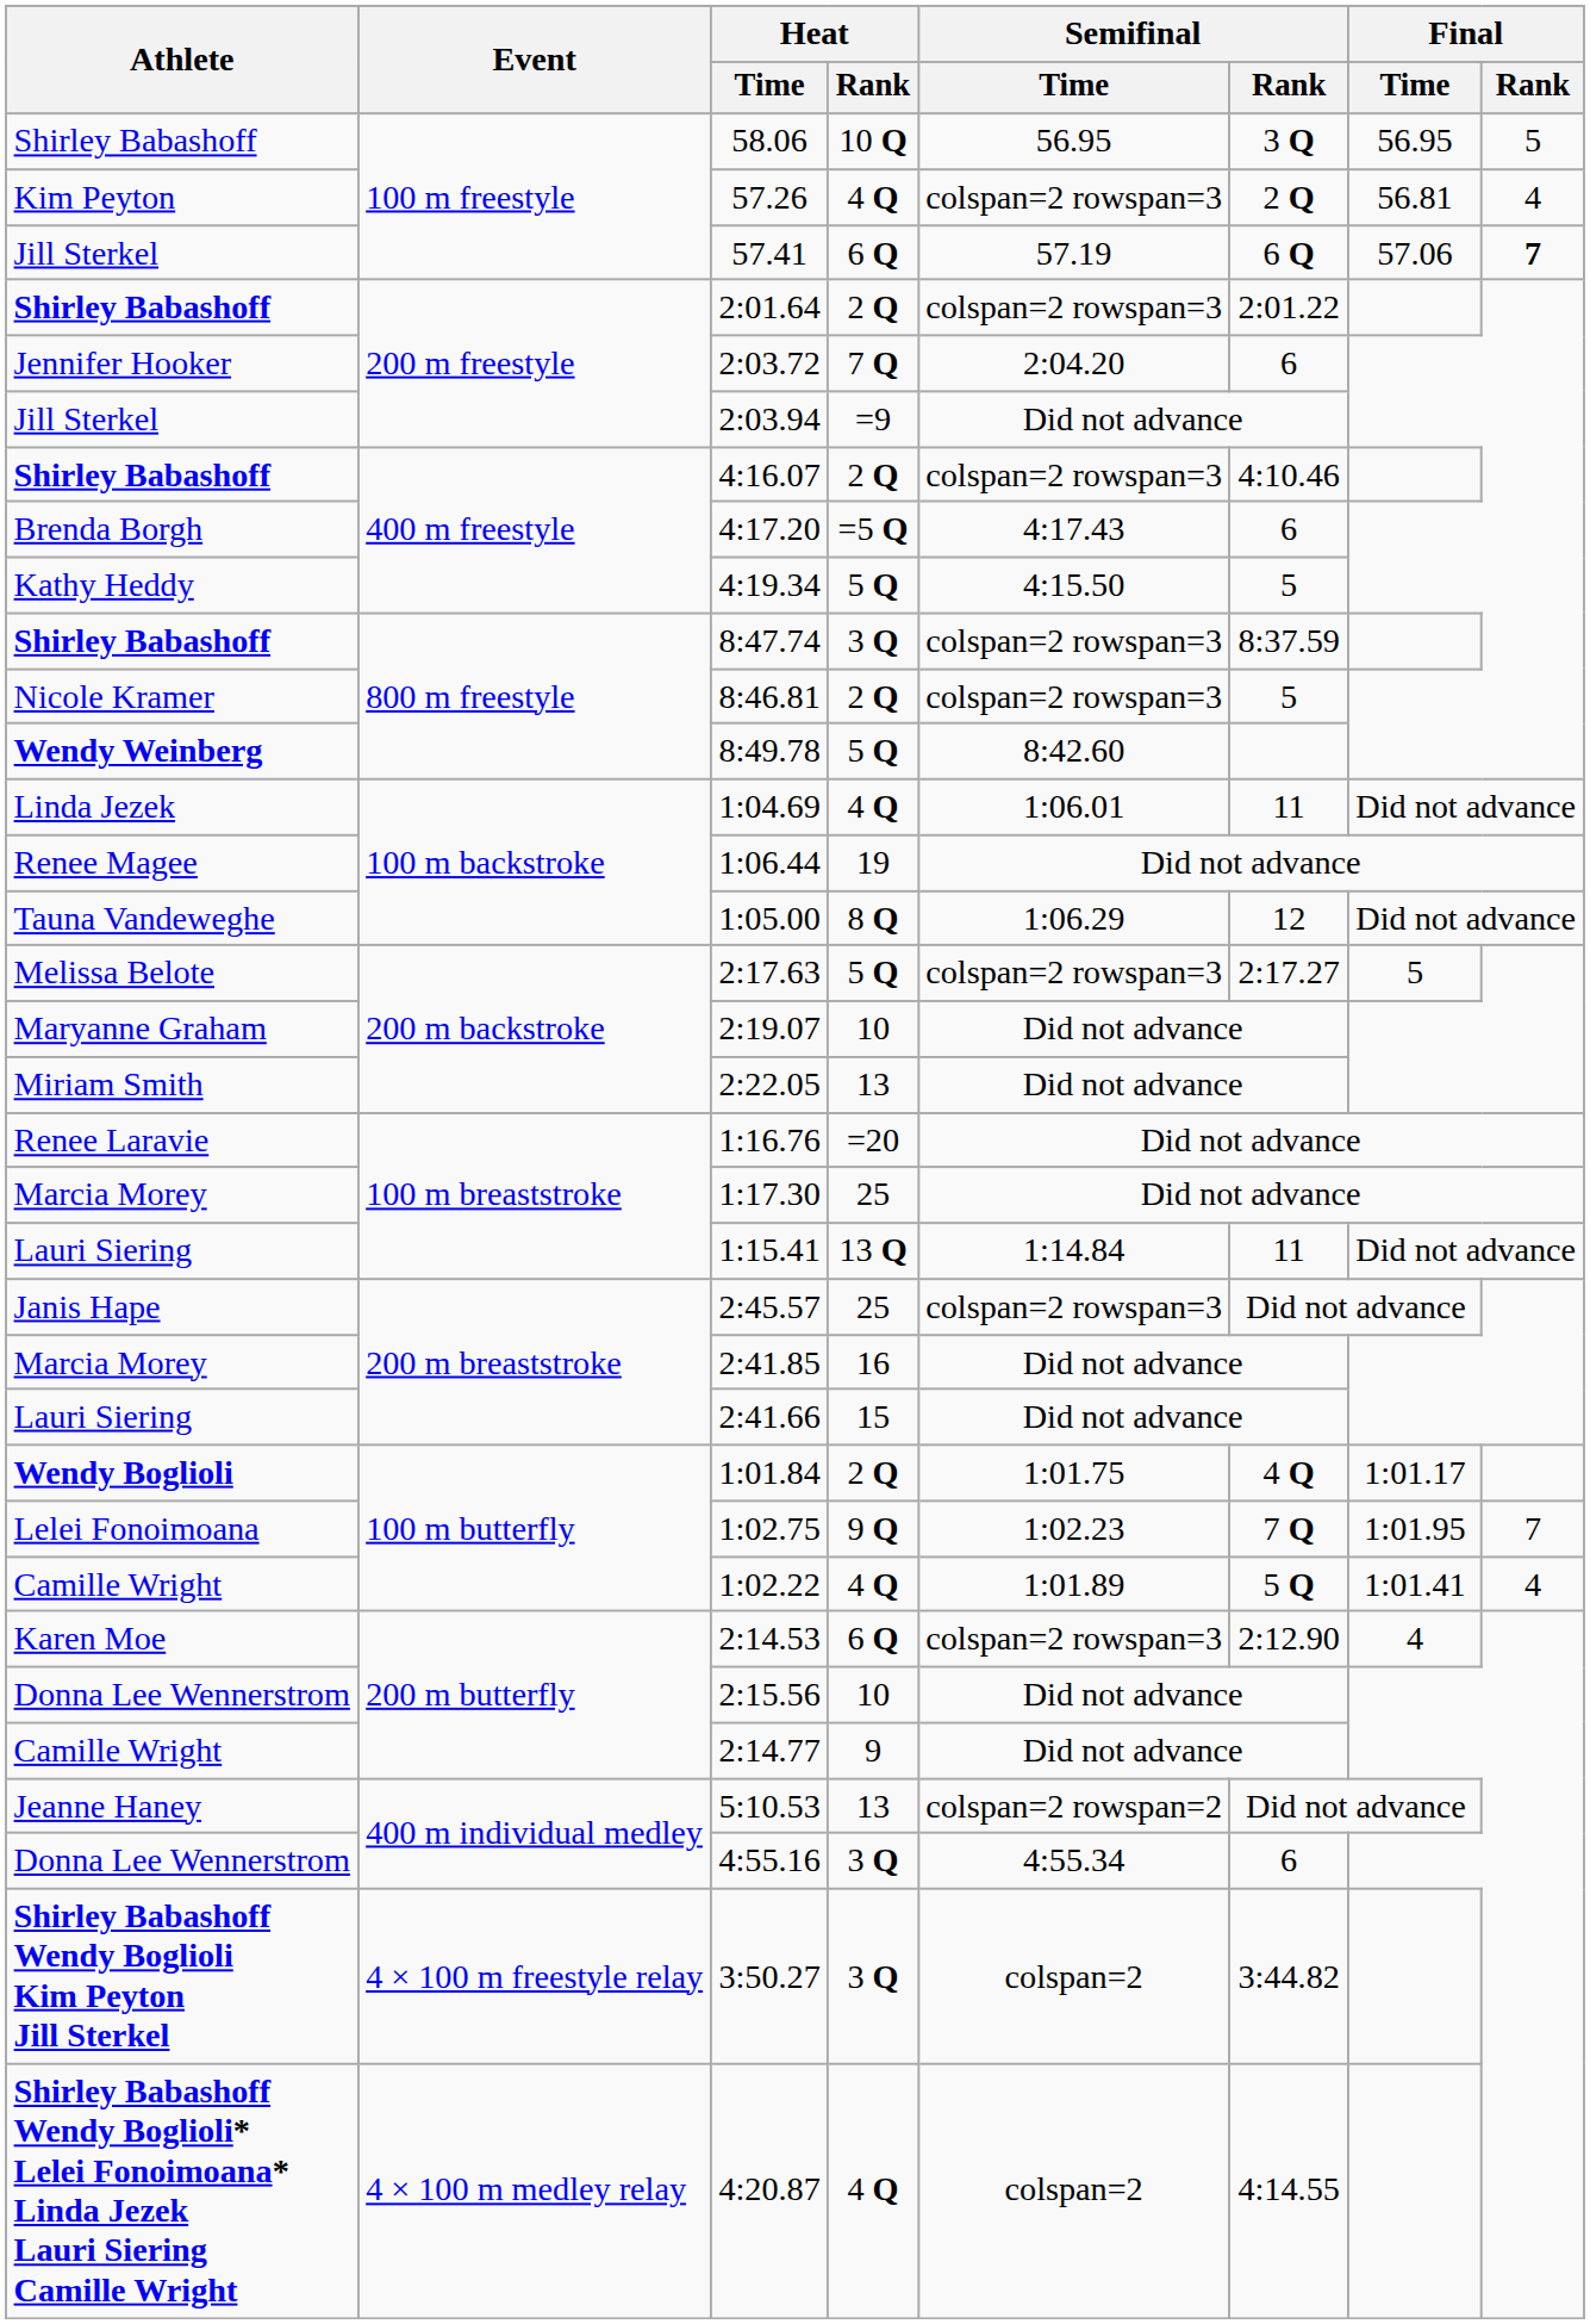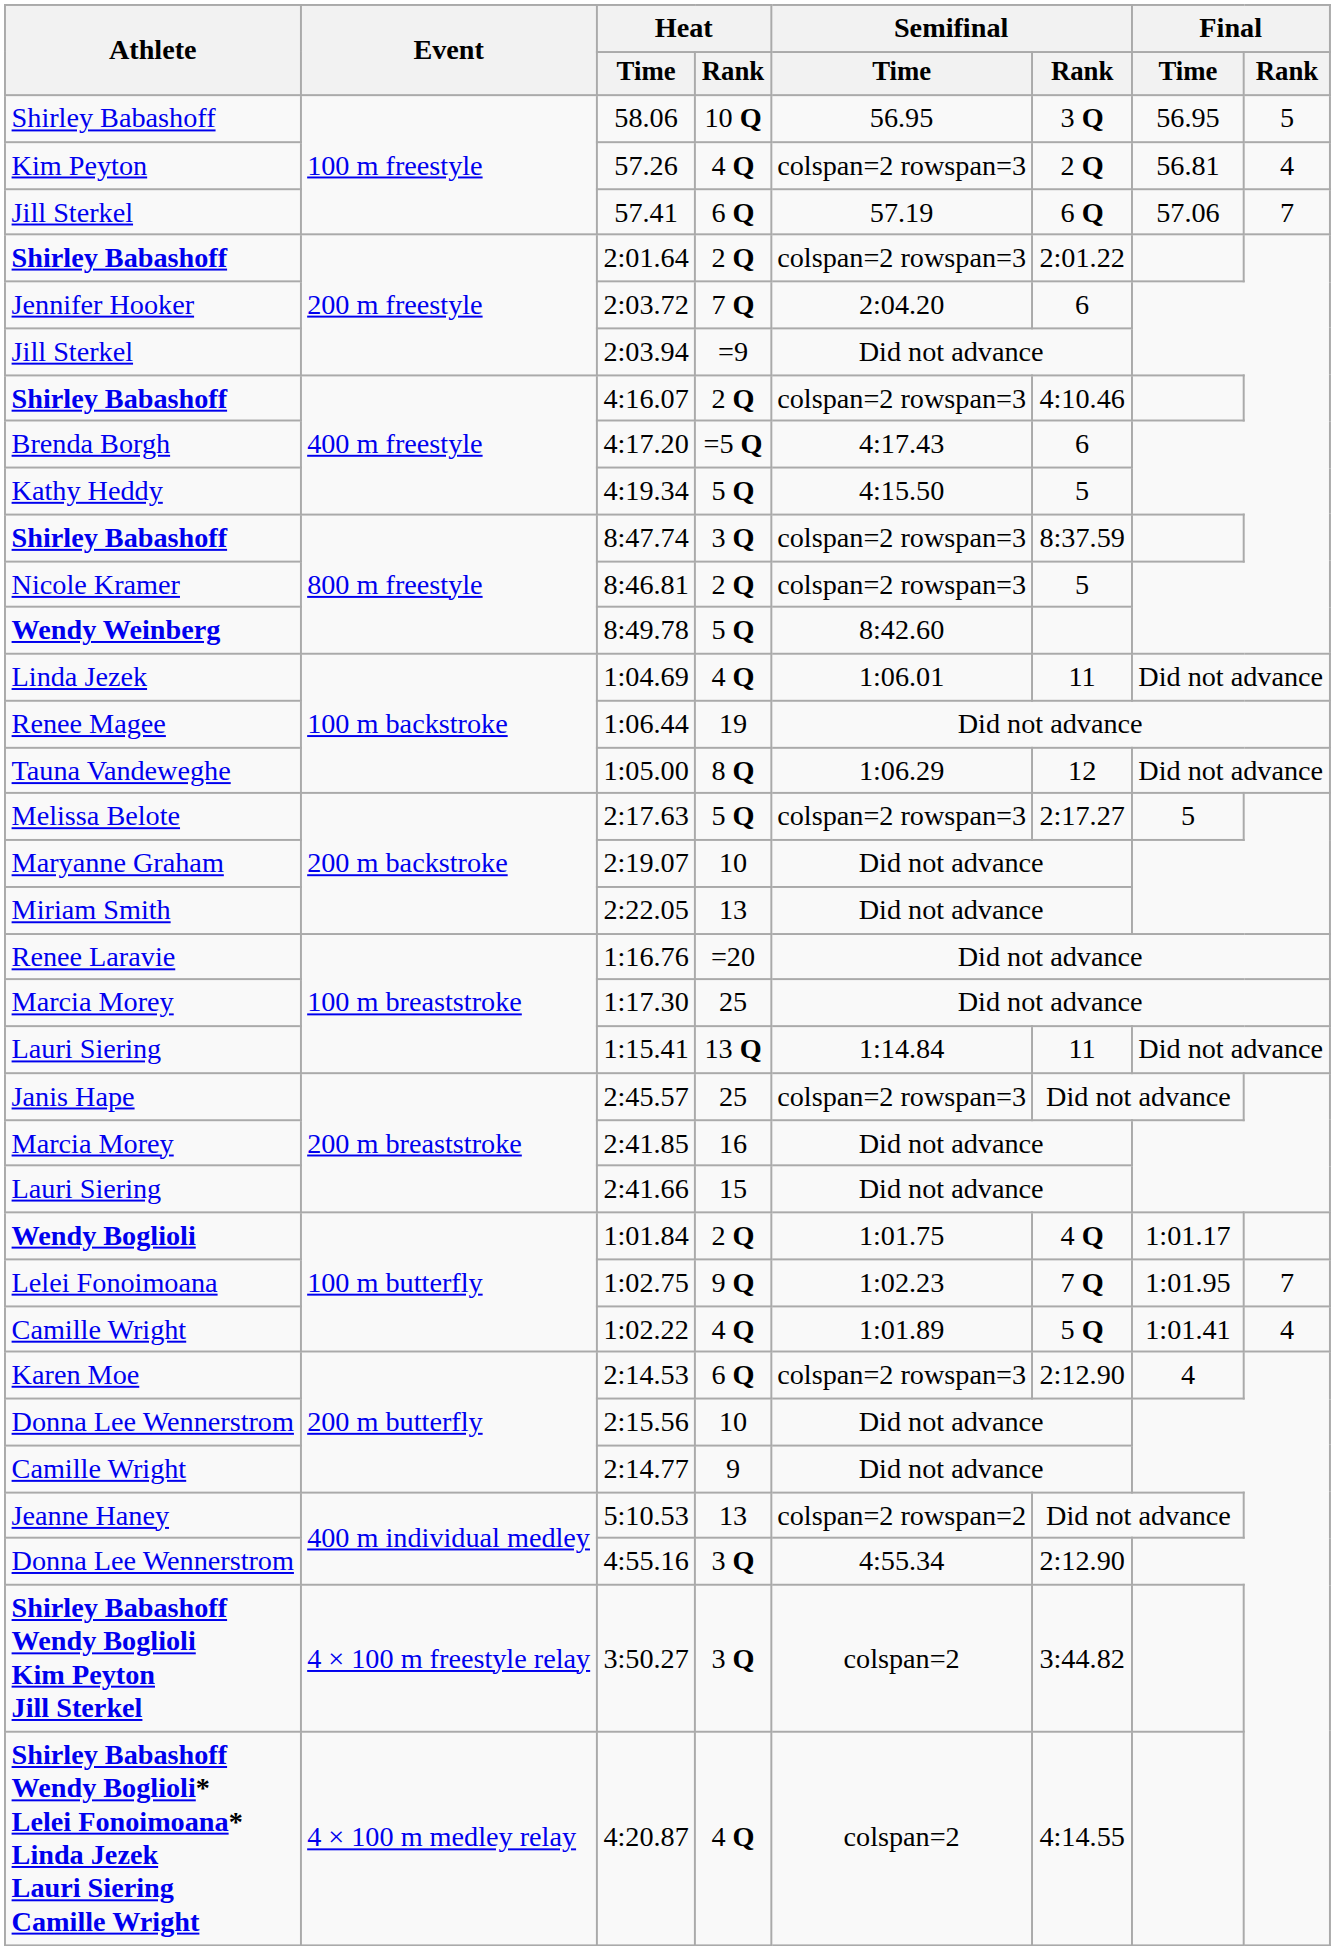 <table class=wikitable style=font-size:90%;text-align:center>
 <tr>
 <th rowspan=2>Athlete</th>
 <th rowspan=2>Event</th>
 <th colspan=2>Heat</th>
 <th colspan=2>Semifinal</th>
 <th colspan=2>Final</th>
 </tr>
 <tr style=font-size:95%>
 <th>Time</th>
 <th>Rank</th>
 <th>Time</th>
 <th>Rank</th>
 <th>Time</th>
 <th>Rank</th>
 </tr>
 <tr>
 <td align=left><a href='#'>Shirley Babashoff</a></td>
 <td align=left rowspan=3><a href='#'>100 m freestyle</a></td>
 <td>58.06</td>
 <td>10 <strong>Q</strong></td>
 <td>56.95</td>
 <td>3 <strong>Q</strong></td>
 <td>56.95</td>
 <td>5</td>
 </tr>
 <tr>
 <td align=left><a href='#'>Kim Peyton</a></td>
 <td>57.26</td>
 <td>4 <strong>Q</strong></td>
 <td>colspan=2 rowspan=3 </td>
 <td>2 <strong>Q</strong></td>
 <td>56.81</td>
 <td>4</td>
 </tr>
 <tr>
 <td align=left><a href='#'>Jill Sterkel</a></td>
 <td>57.41</td>
 <td>6 <strong>Q</strong></td>
 <td>57.19</td>
 <td>6 <strong>Q</strong></td>
 <td>57.06</td>
-<td><strong>7</strong></td>
+<td>7</td>
 </tr>
 <tr>
 <td align=left><strong><a href='#'>Shirley Babashoff</a></strong></td>
 <td align=left rowspan=3><a href='#'>200 m freestyle</a></td>
 <td>2:01.64</td>
 <td>2 <strong>Q</strong></td>
 <td>colspan=2 rowspan=3 </td>
 <td>2:01.22</td>
 <td></td>
 </tr>
 <tr>
 <td align=left><a href='#'>Jennifer Hooker</a></td>
 <td>2:03.72</td>
 <td>7 <strong>Q</strong></td>
 <td>2:04.20</td>
 <td>6</td>
 </tr>
 <tr>
 <td align=left><a href='#'>Jill Sterkel</a></td>
 <td>2:03.94</td>
 <td>=9</td>
 <td colspan=2>Did not advance</td>
 </tr>
 <tr>
 <td align=left><strong><a href='#'>Shirley Babashoff</a></strong></td>
 <td align=left rowspan=3><a href='#'>400 m freestyle</a></td>
 <td>4:16.07</td>
 <td>2 <strong>Q</strong></td>
 <td>colspan=2 rowspan=3 </td>
 <td>4:10.46</td>
 <td></td>
 </tr>
 <tr>
 <td align=left><a href='#'>Brenda Borgh</a></td>
 <td>4:17.20</td>
 <td>=5 <strong>Q</strong></td>
 <td>4:17.43</td>
 <td>6</td>
 </tr>
 <tr>
 <td align=left><a href='#'>Kathy Heddy</a></td>
 <td>4:19.34</td>
 <td>5 <strong>Q</strong></td>
 <td>4:15.50</td>
 <td>5</td>
 </tr>
 <tr>
 <td align=left><strong><a href='#'>Shirley Babashoff</a></strong></td>
 <td align=left rowspan=3><a href='#'>800 m freestyle</a></td>
 <td>8:47.74</td>
 <td>3 <strong>Q</strong></td>
 <td>colspan=2 rowspan=3 </td>
 <td>8:37.59</td>
 <td></td>
 </tr>
 <tr>
 <td align=left><a href='#'>Nicole Kramer</a></td>
 <td>8:46.81 </td>
 <td>2 <strong>Q</strong></td>
 <td>colspan=2 rowspan=3 </td>
 <td>5</td>
 </tr>
 <tr>
 <td align=left><strong><a href='#'>Wendy Weinberg</a></strong></td>
 <td>8:49.78</td>
 <td>5 <strong>Q</strong></td>
 <td>8:42.60</td>
 <td></td>
 </tr>
 <tr>
 <td align=left><a href='#'>Linda Jezek</a></td>
 <td align=left rowspan=3><a href='#'>100 m backstroke</a></td>
 <td>1:04.69</td>
 <td>4 <strong>Q</strong></td>
 <td>1:06.01</td>
 <td>11</td>
 <td colspan=2>Did not advance</td>
 </tr>
 <tr>
 <td align=left><a href='#'>Renee Magee</a></td>
 <td>1:06.44</td>
 <td>19</td>
 <td colspan=4>Did not advance</td>
 </tr>
 <tr>
 <td align=left><a href='#'>Tauna Vandeweghe</a></td>
 <td>1:05.00</td>
 <td>8 <strong>Q</strong></td>
 <td>1:06.29</td>
 <td>12</td>
 <td colspan=2>Did not advance</td>
 </tr>
 <tr>
 <td align=left><a href='#'>Melissa Belote</a></td>
 <td align=left rowspan=3><a href='#'>200 m backstroke</a></td>
 <td>2:17.63</td>
 <td>5 <strong>Q</strong></td>
 <td>colspan=2 rowspan=3 </td>
 <td>2:17.27</td>
 <td>5</td>
 </tr>
 <tr>
 <td align=left><a href='#'>Maryanne Graham</a></td>
 <td>2:19.07</td>
 <td>10</td>
 <td colspan=2>Did not advance</td>
 </tr>
 <tr>
 <td align=left><a href='#'>Miriam Smith</a></td>
 <td>2:22.05</td>
 <td>13</td>
 <td colspan=2>Did not advance</td>
 </tr>
 <tr>
 <td align=left><a href='#'>Renee Laravie</a></td>
 <td align=left rowspan=3><a href='#'>100 m breaststroke</a></td>
 <td>1:16.76</td>
 <td>=20</td>
 <td colspan=4>Did not advance</td>
 </tr>
 <tr>
 <td align=left><a href='#'>Marcia Morey</a></td>
 <td>1:17.30</td>
 <td>25</td>
 <td colspan=4>Did not advance</td>
 </tr>
 <tr>
 <td align=left><a href='#'>Lauri Siering</a></td>
 <td>1:15.41</td>
 <td>13 <strong>Q</strong></td>
 <td>1:14.84</td>
 <td>11</td>
 <td colspan=2>Did not advance</td>
 </tr>
 <tr>
 <td align=left><a href='#'>Janis Hape</a></td>
 <td align=left rowspan=3><a href='#'>200 m breaststroke</a></td>
 <td>2:45.57</td>
 <td>25</td>
 <td>colspan=2 rowspan=3 </td>
 <td colspan=2>Did not advance</td>
 </tr>
 <tr>
 <td align=left><a href='#'>Marcia Morey</a></td>
 <td>2:41.85</td>
 <td>16</td>
 <td colspan=2>Did not advance</td>
 </tr>
 <tr>
 <td align=left><a href='#'>Lauri Siering</a></td>
 <td>2:41.66</td>
 <td>15</td>
 <td colspan=2>Did not advance</td>
 </tr>
 <tr>
 <td align=left><strong><a href='#'>Wendy Boglioli</a></strong></td>
 <td align=left rowspan=3><a href='#'>100 m butterfly</a></td>
 <td>1:01.84 </td>
 <td>2 <strong>Q</strong></td>
 <td>1:01.75</td>
 <td>4 <strong>Q</strong></td>
 <td>1:01.17</td>
 <td></td>
 </tr>
 <tr>
 <td align=left><a href='#'>Lelei Fonoimoana</a></td>
 <td>1:02.75</td>
 <td>9 <strong>Q</strong></td>
 <td>1:02.23</td>
 <td>7 <strong>Q</strong></td>
 <td>1:01.95</td>
 <td>7</td>
 </tr>
 <tr>
 <td align=left><a href='#'>Camille Wright</a></td>
 <td>1:02.22</td>
 <td>4 <strong>Q</strong></td>
 <td>1:01.89</td>
 <td>5 <strong>Q</strong></td>
 <td>1:01.41</td>
 <td>4</td>
 </tr>
 <tr>
 <td align=left><a href='#'>Karen Moe</a></td>
 <td align=left rowspan=3><a href='#'>200 m butterfly</a></td>
 <td>2:14.53 </td>
 <td>6 <strong>Q</strong></td>
 <td>colspan=2 rowspan=3 </td>
 <td>2:12.90</td>
 <td>4</td>
 </tr>
 <tr>
 <td align=left><a href='#'>Donna Lee Wennerstrom</a></td>
 <td>2:15.56</td>
 <td>10</td>
 <td colspan=2>Did not advance</td>
 </tr>
 <tr>
 <td align=left><a href='#'>Camille Wright</a></td>
 <td>2:14.77</td>
 <td>9</td>
 <td colspan=2>Did not advance</td>
 </tr>
 <tr>
 <td align=left><a href='#'>Jeanne Haney</a></td>
 <td align=left rowspan=2><a href='#'>400 m individual medley</a></td>
 <td>5:10.53</td>
 <td>13</td>
 <td>colspan=2 rowspan=2 </td>
 <td colspan=2>Did not advance</td>
 </tr>
 <tr>
 <td align=left><a href='#'>Donna Lee Wennerstrom</a></td>
 <td>4:55.16</td>
 <td>3 <strong>Q</strong></td>
 <td>4:55.34</td>
-<td>6</td>
+<td>2:12.90</td>
 </tr>
 <tr>
 <td align=left><strong><a href='#'>Shirley Babashoff</a><br><a href='#'>Wendy Boglioli</a><br><a href='#'>Kim Peyton</a><br><a href='#'>Jill Sterkel</a></strong></td>
 <td align=left><a href='#'>4 × 100 m freestyle relay</a></td>
 <td>3:50.27</td>
 <td>3 <strong>Q</strong></td>
 <td>colspan=2 </td>
 <td>3:44.82 </td>
 <td></td>
 </tr>
 <tr>
 <td align=left><strong><a href='#'>Shirley Babashoff</a><br><a href='#'>Wendy Boglioli</a>*<br><a href='#'>Lelei Fonoimoana</a>*<br><a href='#'>Linda Jezek</a><br><a href='#'>Lauri Siering</a><br><a href='#'>Camille Wright</a></strong></td>
 <td align=left><a href='#'>4 × 100 m medley relay</a></td>
 <td>4:20.87</td>
 <td>4 <strong>Q</strong></td>
 <td>colspan=2 </td>
 <td>4:14.55</td>
 <td></td>
 </tr>
 </table>
